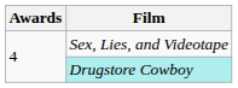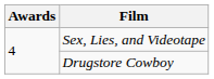 <table class="wikitable">
 <tr>
 <th>Awards</th>
 <th>Film</th>
 </tr>
 <tr>
 <td rowspan="2">4</td>
 <td><em>Sex, Lies, and Videotape</em></td>
 </tr>
 <tr>
-<td style="background: paleturquoise;"><em>Drugstore Cowboy</em></td>
+<td><em>Drugstore Cowboy</em></td>
 </tr>
 </table>
